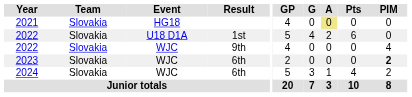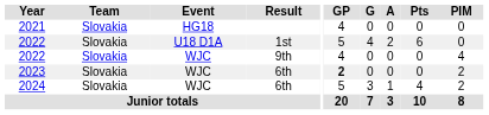 <table border="0" cellpadding="1" cellspacing="0" ID="Table3" style="text-align:center; width:40em">
 <tr bgcolor="#e0e0e0">
 <th>Year</th>
 <th>Team</th>
 <th>Event</th>
 <th>Result</th>
 <th rowspan="99" bgcolor="#ffffff"></th>
 <th>GP</th>
 <th>G</th>
 <th>A</th>
 <th>Pts</th>
 <th>PIM</th>
 </tr>
 <tr>
 <td><a href='#'>2021</a></td>
 <td><a href='#'>Slovakia</a></td>
 <td><a href='#'>HG18</a></td>
 <td></td>
 <td>4</td>
 <td>0</td>
-<td style="background: khaki;">0</td>
+<td>0</td>
 <td>0</td>
 <td>0</td>
 </tr>
 <tr bgcolor="#f0f0f0">
 <td><a href='#'>2022</a></td>
 <td>Slovakia</td>
 <td><a href='#'>U18 D1A</a></td>
 <td>1st</td>
 <td>5</td>
 <td>4</td>
 <td>2</td>
 <td>6</td>
 <td>0</td>
 </tr>
 <tr>
 <td><a href='#'>2022</a></td>
 <td><a href='#'>Slovakia</a></td>
 <td><a href='#'>WJC</a></td>
 <td>9th</td>
 <td>4</td>
 <td>0</td>
 <td>0</td>
 <td>0</td>
 <td>4</td>
 </tr>
 <tr bgcolor="#f0f0f0">
 <td><a href='#'>2023</a></td>
 <td>Slovakia</td>
 <td>WJC</td>
 <td>6th</td>
-<td>2</td>
+<td><strong>2</strong></td>
 <td>0</td>
 <td>0</td>
 <td>0</td>
-<td><strong>2</strong></td>
+<td>2</td>
 </tr>
 <tr>
 <td><a href='#'>2024</a></td>
 <td>Slovakia</td>
 <td>WJC</td>
 <td>6th</td>
 <td>5</td>
 <td>3</td>
 <td>1</td>
 <td>4</td>
 <td>2</td>
 </tr>
 <tr bgcolor="#e0e0e0">
 <th colspan="4">Junior totals</th>
 <th>20</th>
 <th>7</th>
 <th>3</th>
 <th>10</th>
 <th>8</th>
 </tr>
 </table>
